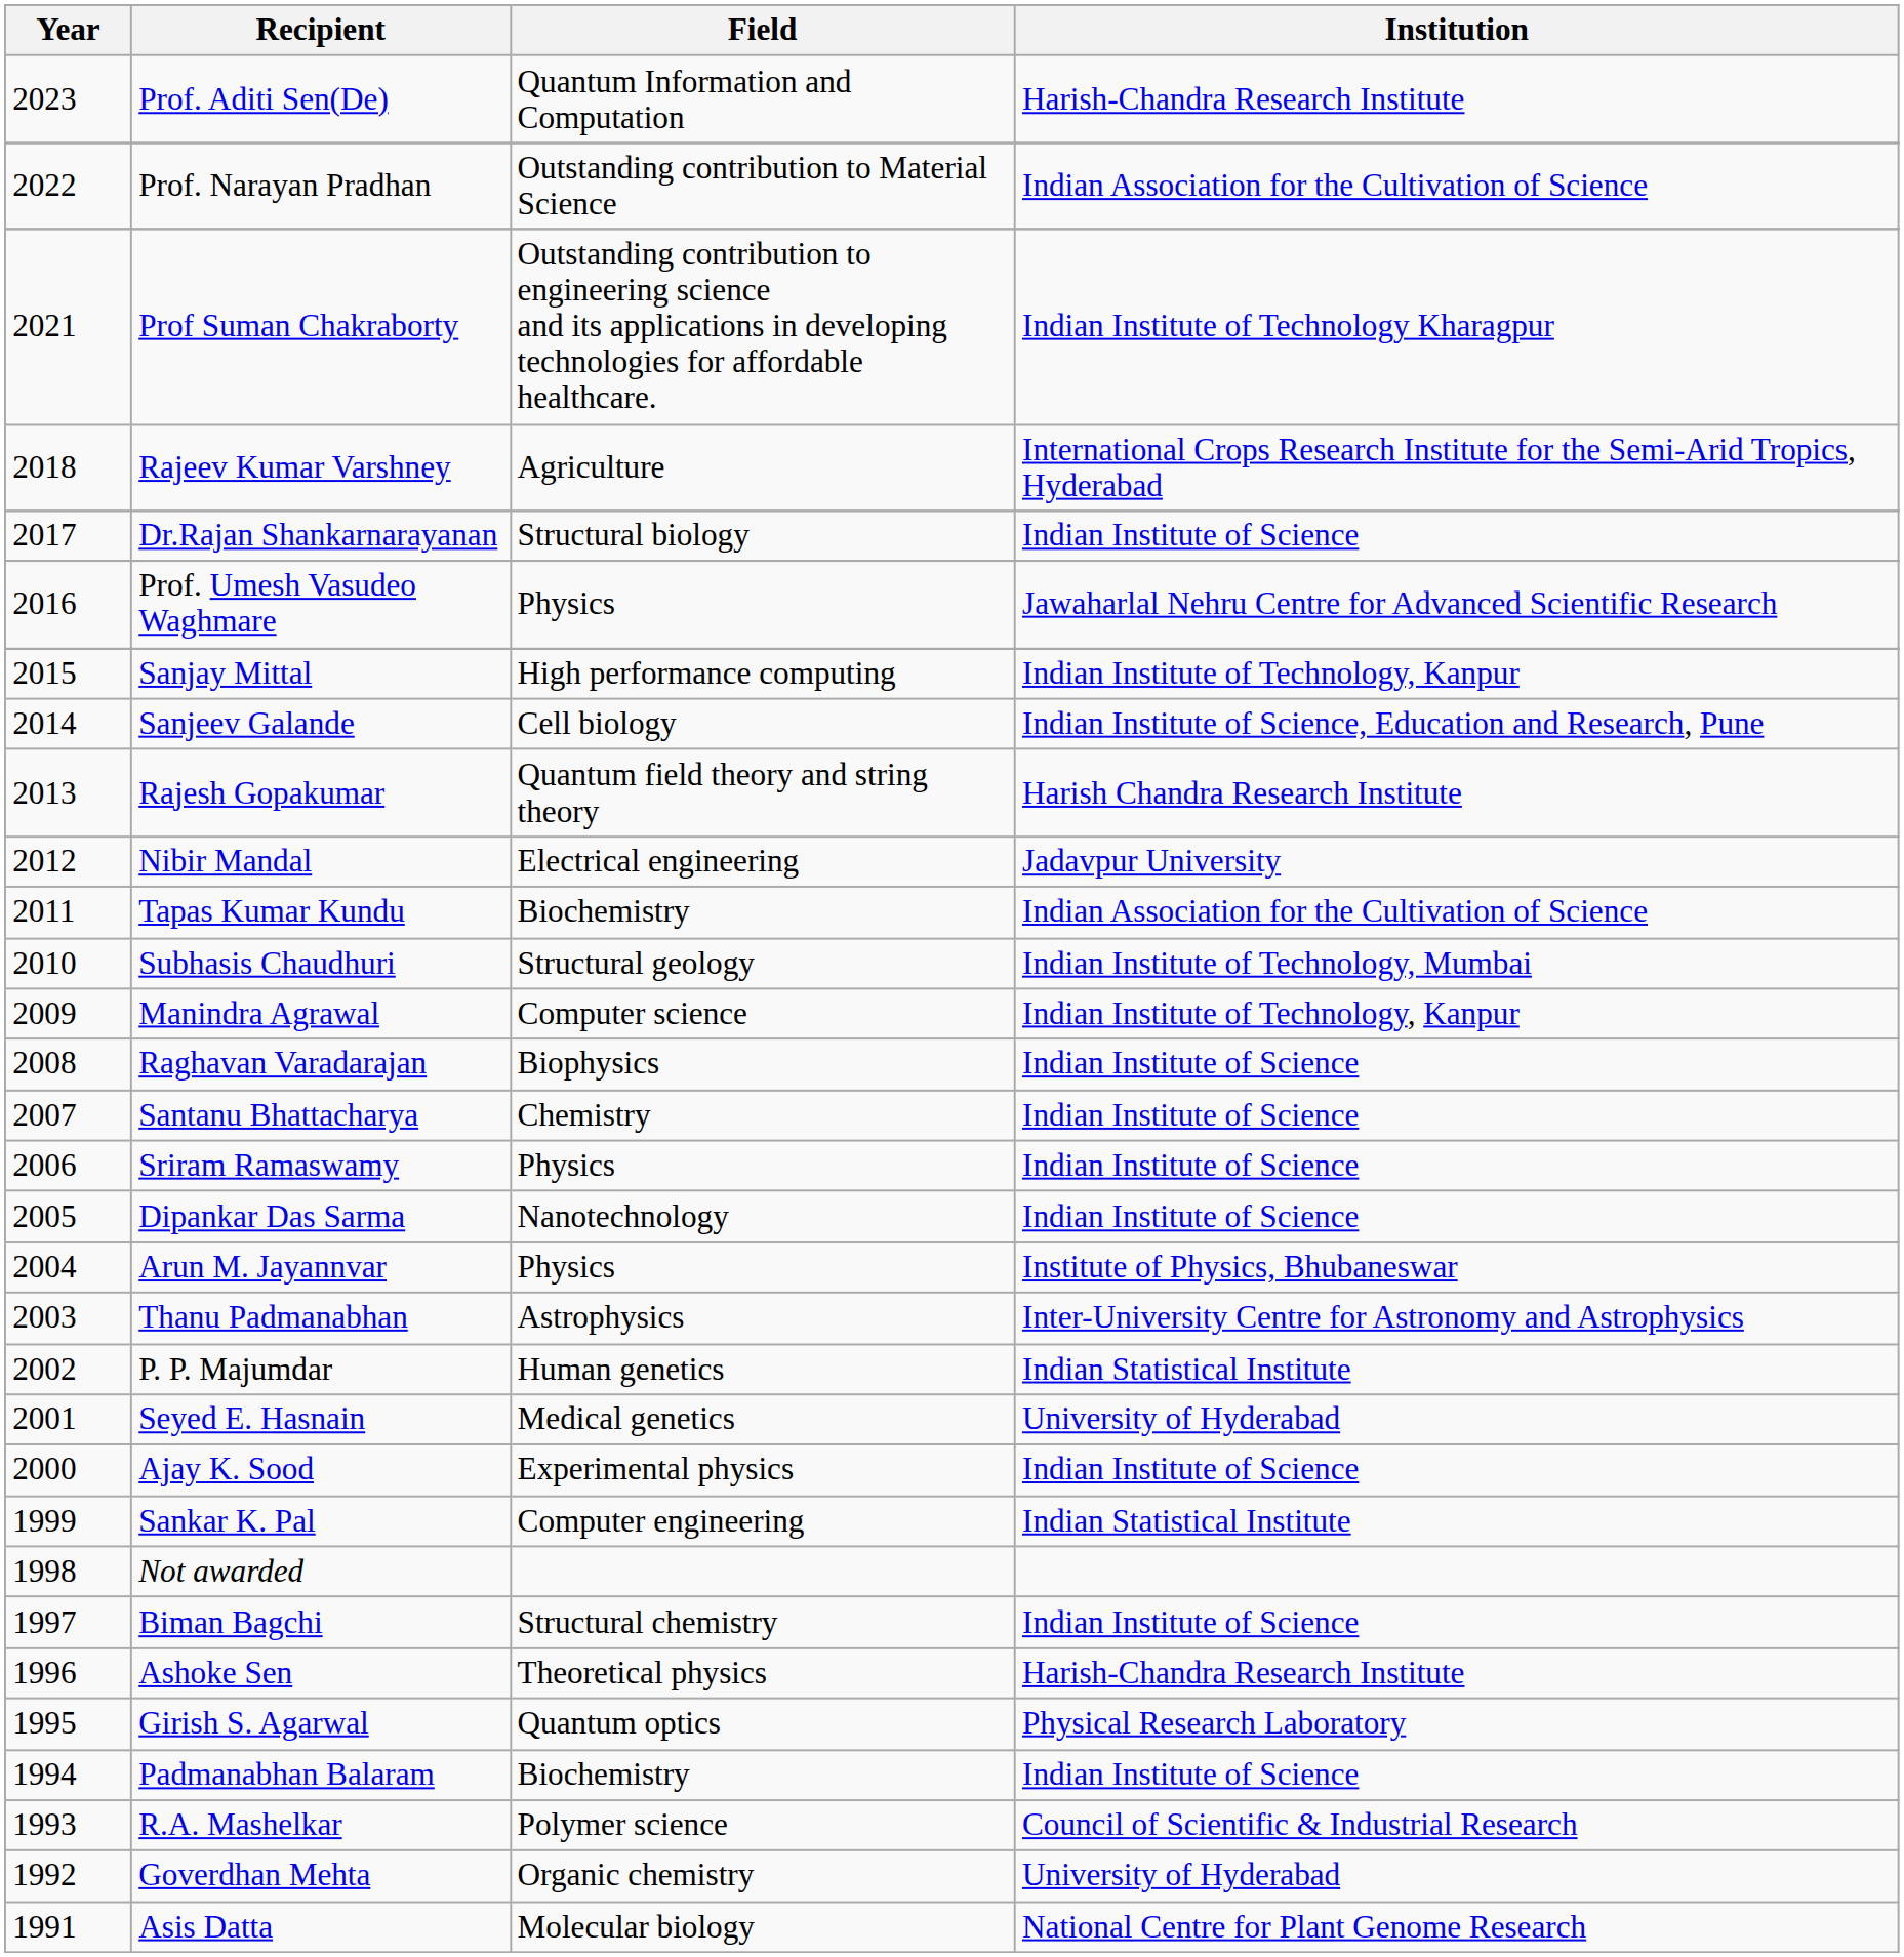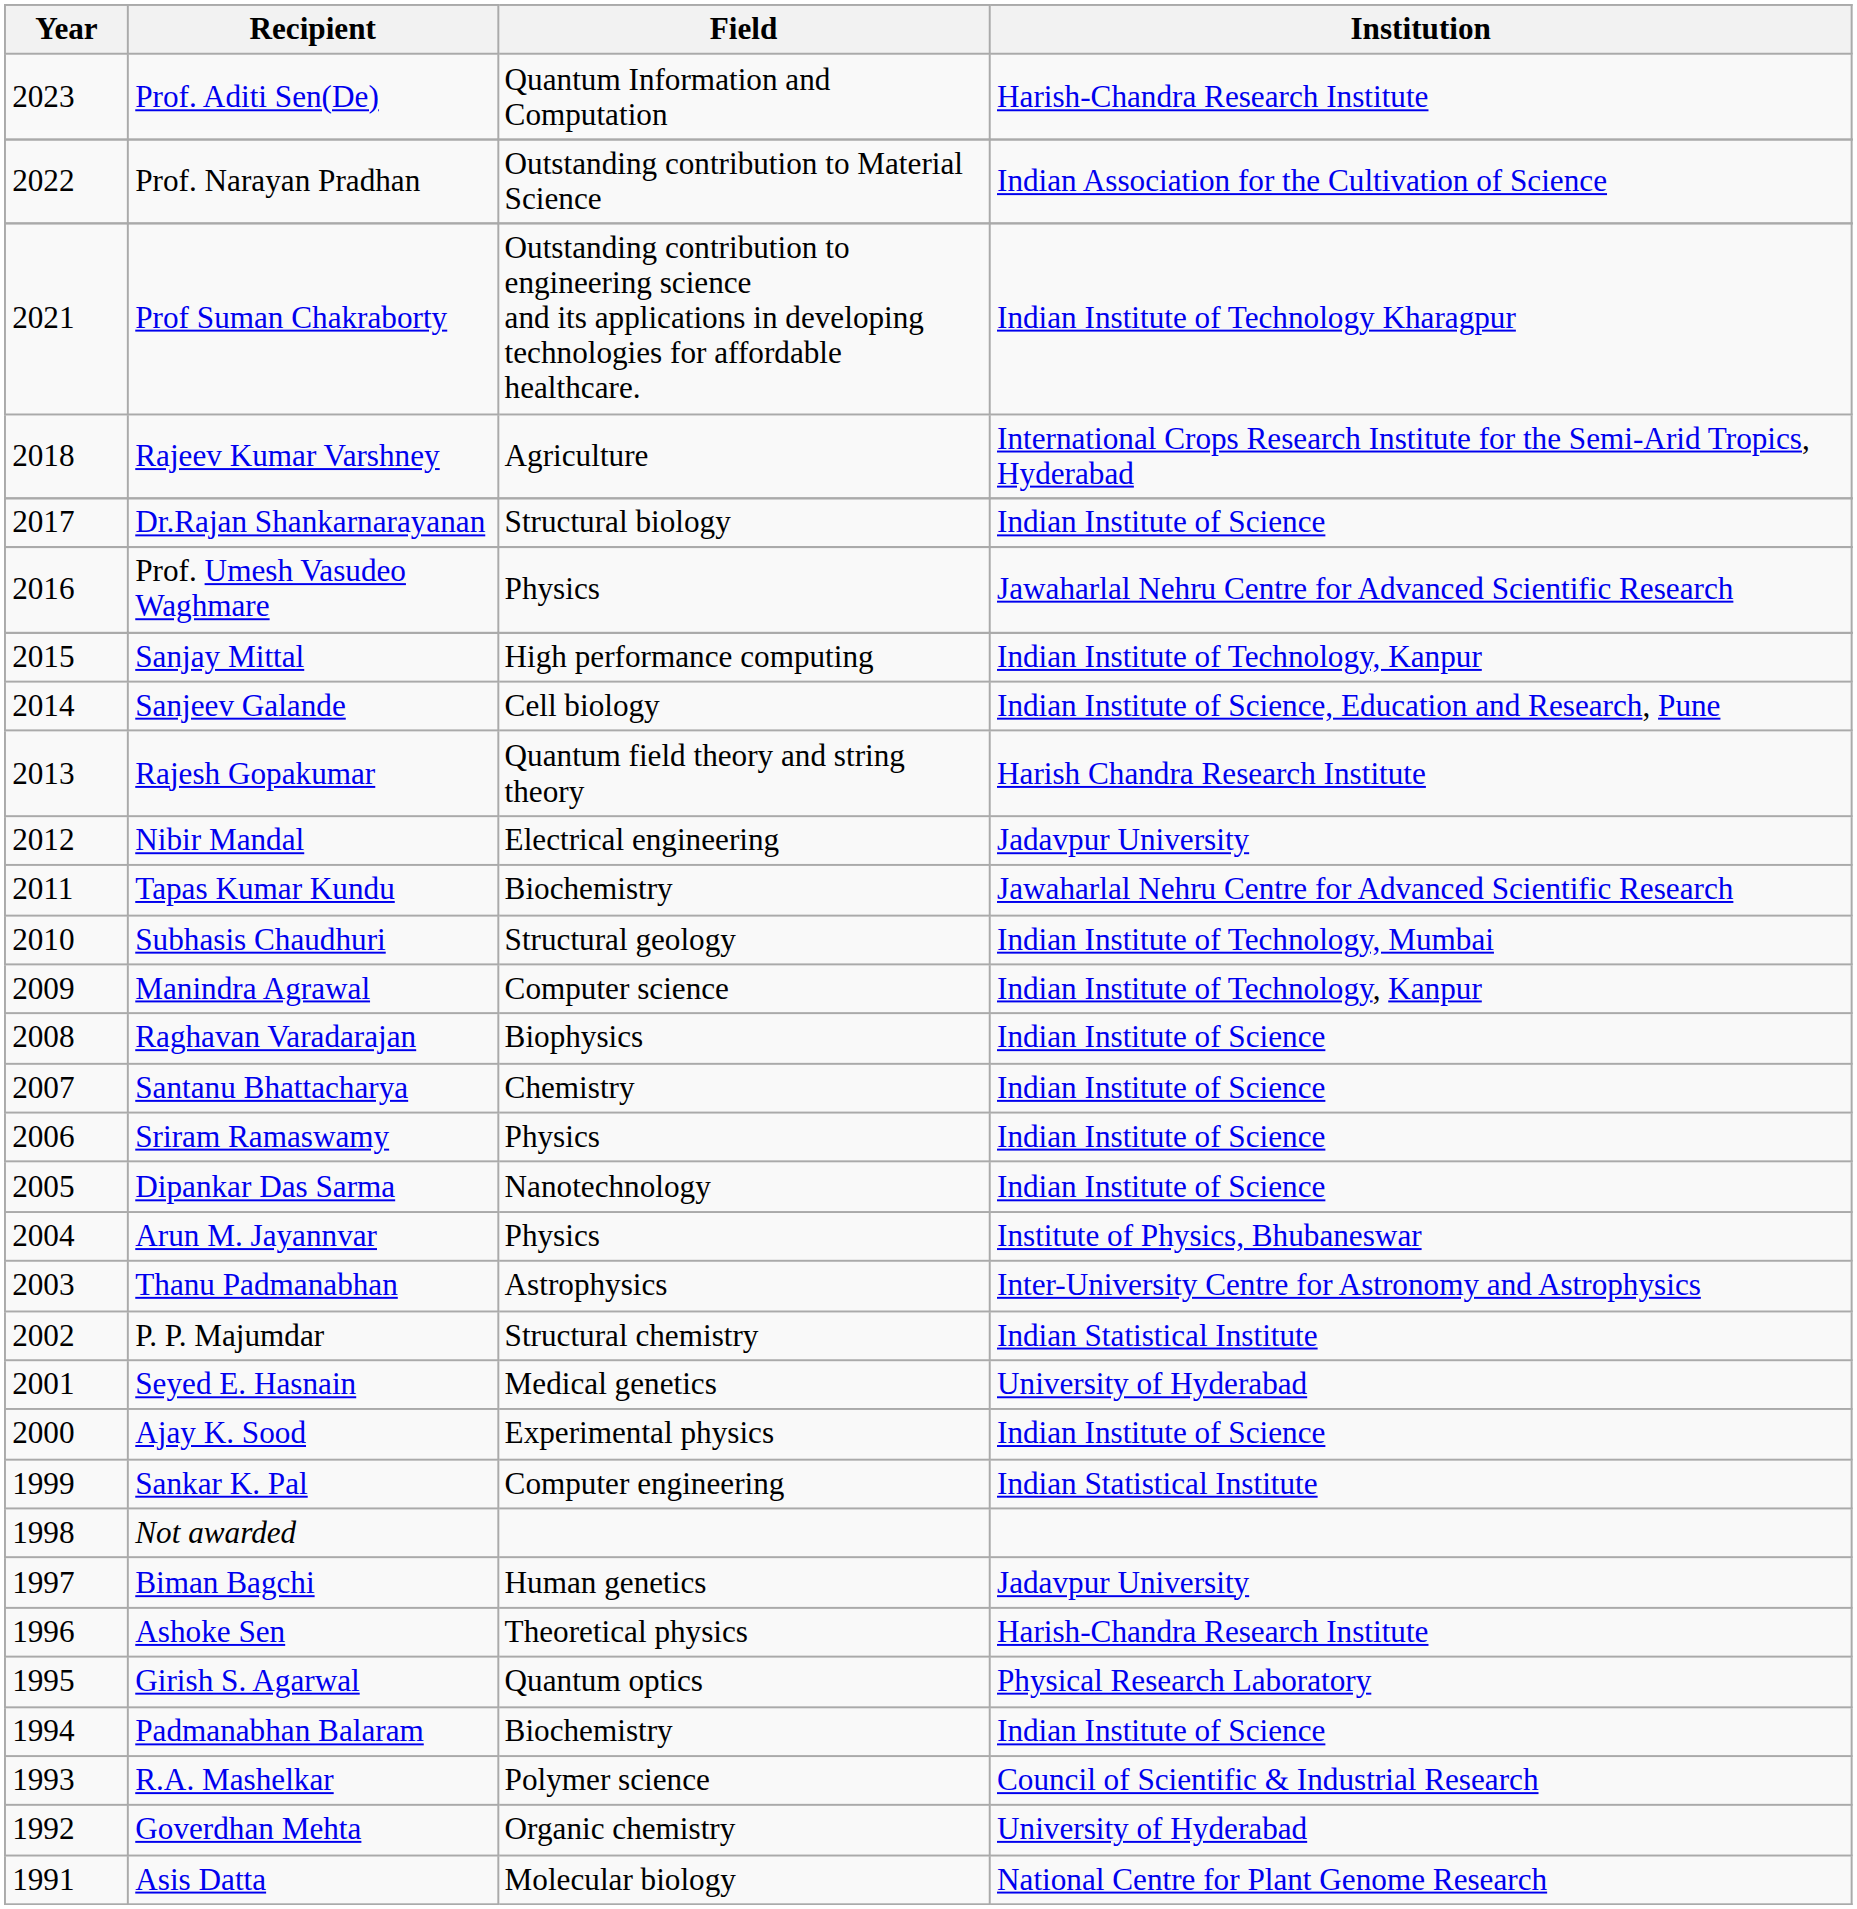 <table class="wikitable plainrowheaders sortable" style="width:75%">
 <tr>
 <th scope="col" style="width:5%">Year</th>
 <th scope="col" style="width:15%">Recipient</th>
 <th scope="col" style="width:20%">Field</th>
 <th scope="col" style="width:35%">Institution</th>
 </tr>
 <tr>
 <td>2023</td>
 <td><a href='#'> Prof. Aditi Sen(De)</a></td>
 <td>Quantum Information and Computation</td>
 <td><a href='#'>Harish-Chandra Research Institute</a></td>
 </tr>
 <tr>
 </tr>
 <tr>
 </tr>
 <tr>
 <td>2022</td>
 <td>Prof. Narayan Pradhan</td>
 <td>Outstanding contribution to Material Science</td>
 <td><a href='#'>Indian Association for the Cultivation of Science</a></td>
 </tr>
 <tr>
 </tr>
 <tr>
 <td>2021</td>
 <td><a href='#'>Prof Suman Chakraborty</a></td>
 <td>Outstanding contribution to engineering science<br>and its applications in developing technologies for affordable healthcare.</td>
 <td><a href='#'>Indian Institute of Technology Kharagpur</a></td>
 </tr>
 <tr>
 <td>2018</td>
 <td><a href='#'>Rajeev Kumar Varshney</a></td>
 <td>Agriculture</td>
 <td><a href='#'>International Crops Research Institute for the Semi-Arid Tropics</a>, <a href='#'>Hyderabad</a></td>
 </tr>
 <tr>
 </tr>
 <tr>
 <td>2017</td>
 <td><a href='#'>Dr.Rajan Shankarnarayanan</a></td>
 <td>Structural biology</td>
 <td><a href='#'>Indian Institute of Science</a></td>
 </tr>
 <tr>
 </tr>
 <tr>
 <td>2016</td>
 <td>Prof. <a href='#'>Umesh Vasudeo Waghmare</a></td>
 <td>Physics</td>
 <td><a href='#'>Jawaharlal Nehru Centre for Advanced Scientific Research</a></td>
 </tr>
 <tr>
 </tr>
 <tr>
 <td>2015</td>
 <td><a href='#'>Sanjay Mittal</a></td>
 <td>High performance computing</td>
 <td><a href='#'>Indian Institute of Technology, Kanpur</a></td>
 </tr>
 <tr>
 <td>2014</td>
 <td><a href='#'>Sanjeev Galande</a></td>
 <td>Cell biology</td>
 <td><a href='#'>Indian Institute of Science, Education and Research</a>, <a href='#'>Pune</a></td>
 </tr>
 <tr>
 <td>2013</td>
 <td><a href='#'>Rajesh Gopakumar</a></td>
 <td>Quantum field theory and string theory</td>
 <td><a href='#'>Harish Chandra Research Institute</a></td>
 </tr>
 <tr>
 <td>2012</td>
 <td><a href='#'>Nibir Mandal</a></td>
 <td>Electrical engineering</td>
 <td><a href='#'>Jadavpur University</a></td>
 </tr>
 <tr>
 <td>2011</td>
 <td><a href='#'>Tapas Kumar Kundu</a></td>
 <td>Biochemistry</td>
-<td><a href='#'>Indian Association for the Cultivation of Science</a></td>
+<td><a href='#'>Jawaharlal Nehru Centre for Advanced Scientific Research</a></td>
 </tr>
 <tr>
 <td>2010</td>
 <td><a href='#'>Subhasis Chaudhuri</a></td>
 <td>Structural geology</td>
 <td><a href='#'>Indian Institute of Technology, Mumbai</a></td>
 </tr>
 <tr>
 <td>2009</td>
 <td><a href='#'>Manindra Agrawal</a></td>
 <td>Computer science</td>
 <td><a href='#'>Indian Institute of Technology</a>, <a href='#'>Kanpur</a></td>
 </tr>
 <tr>
 <td>2008</td>
 <td><a href='#'>Raghavan Varadarajan</a></td>
 <td>Biophysics</td>
 <td><a href='#'>Indian Institute of Science</a></td>
 </tr>
 <tr>
 <td>2007</td>
 <td><a href='#'>Santanu Bhattacharya</a></td>
 <td>Chemistry</td>
 <td><a href='#'>Indian Institute of Science</a></td>
 </tr>
 <tr>
 <td>2006</td>
 <td><a href='#'>Sriram Ramaswamy</a></td>
 <td>Physics</td>
 <td><a href='#'>Indian Institute of Science</a></td>
 </tr>
 <tr>
 <td>2005</td>
 <td><a href='#'>Dipankar Das Sarma</a></td>
 <td>Nanotechnology</td>
 <td><a href='#'>Indian Institute of Science</a></td>
 </tr>
 <tr>
 <td>2004</td>
 <td><a href='#'>Arun M. Jayannvar</a></td>
 <td>Physics</td>
 <td><a href='#'>Institute of Physics, Bhubaneswar</a></td>
 </tr>
 <tr>
 <td>2003</td>
 <td><a href='#'>Thanu Padmanabhan</a></td>
 <td>Astrophysics</td>
 <td><a href='#'>Inter-University Centre for Astronomy and Astrophysics</a></td>
 </tr>
 <tr>
 <td>2002</td>
 <td>P. P. Majumdar</td>
-<td>Human genetics</td>
+<td>Structural chemistry</td>
 <td><a href='#'>Indian Statistical Institute</a></td>
 </tr>
 <tr>
 <td>2001</td>
 <td><a href='#'>Seyed E. Hasnain</a></td>
 <td>Medical genetics</td>
 <td><a href='#'>University of Hyderabad</a></td>
 </tr>
 <tr>
 <td>2000</td>
 <td><a href='#'>Ajay K. Sood</a></td>
 <td>Experimental physics</td>
 <td><a href='#'>Indian Institute of Science</a></td>
 </tr>
 <tr>
 <td>1999</td>
 <td><a href='#'>Sankar K. Pal</a></td>
 <td>Computer engineering</td>
 <td><a href='#'>Indian Statistical Institute</a></td>
 </tr>
 <tr>
 <td>1998</td>
 <td><em>Not awarded</em></td>
 <td></td>
 <td></td>
 </tr>
 <tr>
 <td>1997</td>
 <td><a href='#'>Biman Bagchi</a></td>
-<td>Structural chemistry</td>
-<td><a href='#'>Indian Institute of Science</a></td>
+<td>Human genetics</td>
+<td><a href='#'>Jadavpur University</a></td>
 </tr>
 <tr>
 <td>1996</td>
 <td><a href='#'>Ashoke Sen</a></td>
 <td>Theoretical physics</td>
 <td><a href='#'>Harish-Chandra Research Institute</a></td>
 </tr>
 <tr>
 <td>1995</td>
 <td><a href='#'>Girish S. Agarwal</a></td>
 <td>Quantum optics</td>
 <td><a href='#'>Physical Research Laboratory</a></td>
 </tr>
 <tr>
 <td>1994</td>
 <td><a href='#'>Padmanabhan Balaram</a></td>
 <td>Biochemistry</td>
 <td><a href='#'>Indian Institute of Science</a></td>
 </tr>
 <tr>
 <td>1993</td>
 <td><a href='#'>R.A. Mashelkar</a></td>
 <td>Polymer science</td>
 <td><a href='#'>Council of Scientific & Industrial Research</a></td>
 </tr>
 <tr>
 <td>1992</td>
 <td><a href='#'>Goverdhan Mehta</a></td>
 <td>Organic chemistry</td>
 <td><a href='#'>University of Hyderabad</a></td>
 </tr>
 <tr>
 <td>1991</td>
 <td><a href='#'>Asis Datta</a></td>
 <td>Molecular biology</td>
 <td><a href='#'>National Centre for Plant Genome Research</a></td>
 </tr>
 </table>
